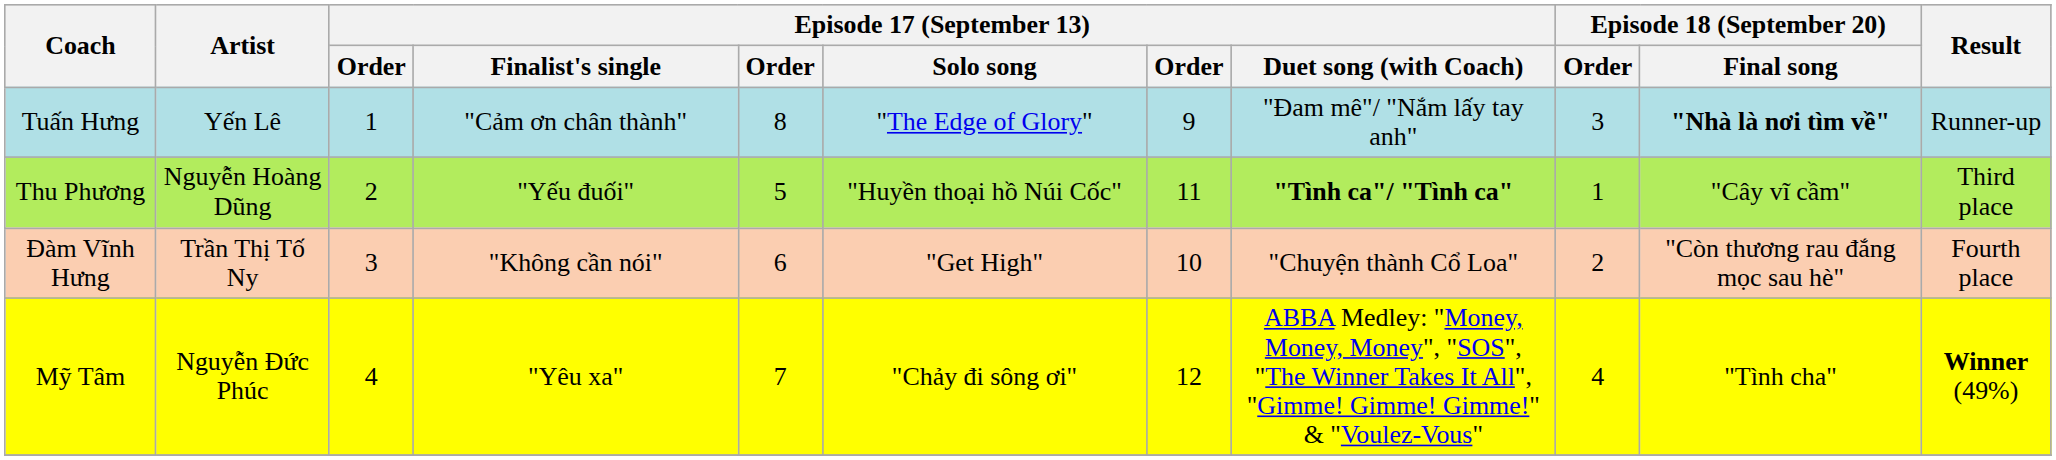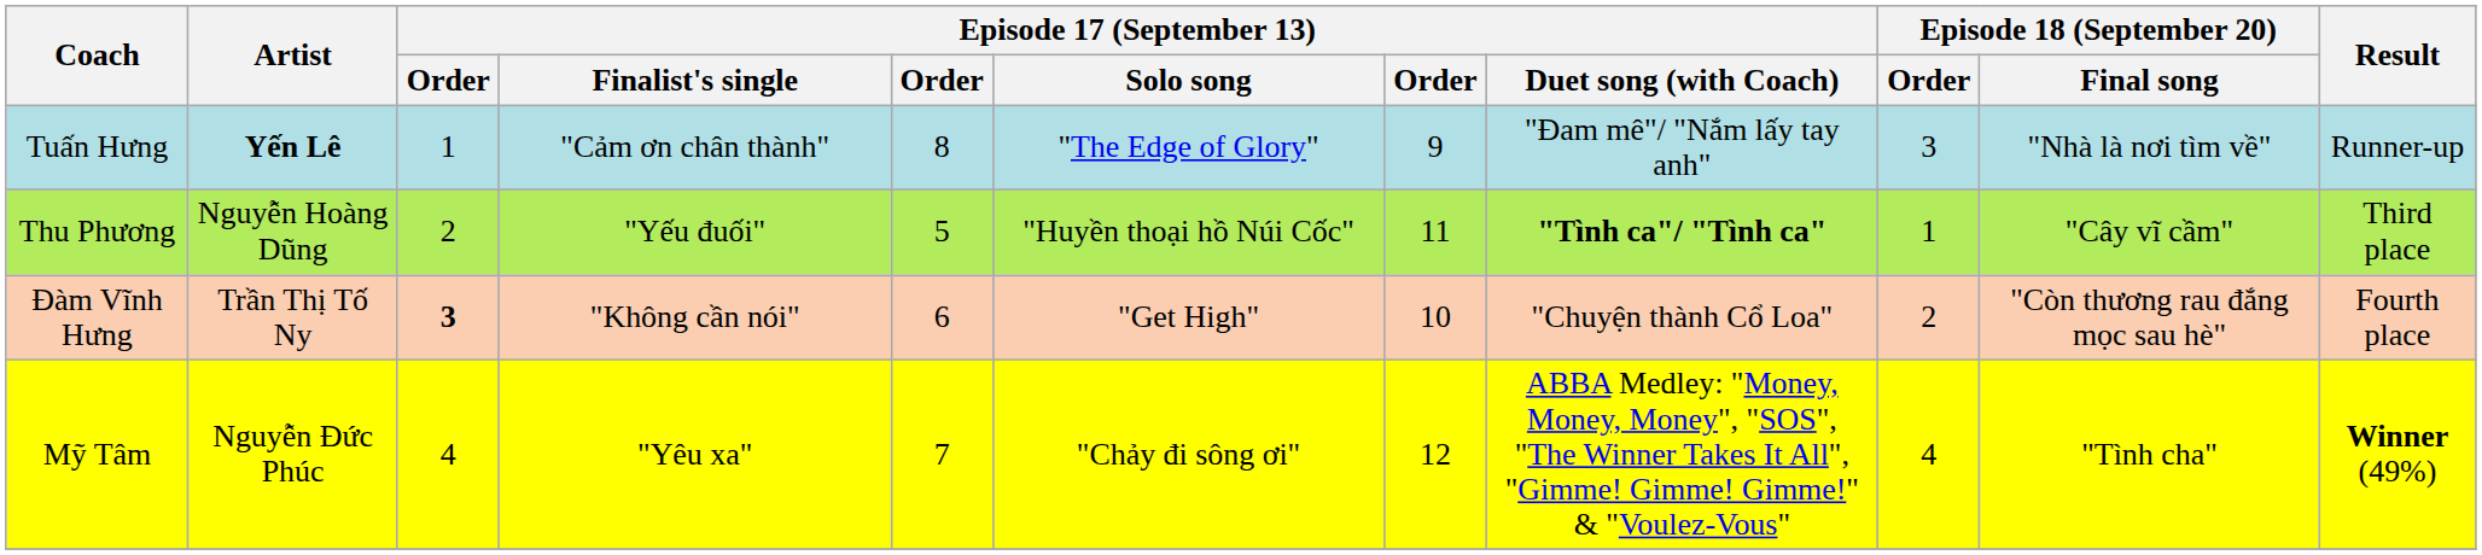 <table class="wikitable" style="text-align:center; width:100%;">
 <tr>
 <th width="7%" rowspan="2">Coach</th>
 <th width="8%" rowspan="2">Artist</th>
 <th colspan="6">Episode 17 (September 13)</th>
 <th colspan="2">Episode 18 (September 20)</th>
 <th width="6%" rowspan="2">Result</th>
 </tr>
 <tr>
 <th scope="col" width="3%">Order</th>
 <th scope="col" width="15%">Finalist's single</th>
 <th scope="col" width="3%">Order</th>
 <th scope="col" width="15%">Solo song</th>
 <th scope="col" width="3%">Order</th>
 <th scope="col" width="15%">Duet song (with Coach)</th>
 <th scope="col" width="3%">Order</th>
 <th scope="col" width="13%">Final song</th>
 </tr>
 <tr>
 <td style="background:#B0E0E6;">Tuấn Hưng</td>
-<td style="background:#B0E0E6;">Yến Lê</td>
+<td style="background:#B0E0E6;"><strong>Yến Lê</strong></td>
 <td style="background:#B0E0E6;">1</td>
 <td style="background:#B0E0E6;">"Cảm ơn chân thành"</td>
 <td style="background:#B0E0E6;">8</td>
 <td style="background:#B0E0E6;">"<a href='#'>The Edge of Glory</a>"</td>
 <td style="background:#B0E0E6;">9</td>
 <td style="background:#B0E0E6;">"Đam mê"/ "Nắm lấy tay anh"</td>
 <td style="background:#B0E0E6;">3</td>
-<td style="background:#B0E0E6;"><strong>"Nhà là nơi tìm về"</strong></td>
+<td style="background:#B0E0E6;">"Nhà là nơi tìm về"</td>
 <td style="background:#B0E0E6;">Runner-up</td>
 </tr>
 <tr>
 <td style="background:#B2EC5D;">Thu Phương</td>
 <td style="background:#B2EC5D;">Nguyễn Hoàng Dũng</td>
 <td style="background:#B2EC5D;">2</td>
 <td style="background:#B2EC5D;">"Yếu đuối"</td>
 <td style="background:#B2EC5D;">5</td>
 <td style="background:#B2EC5D;">"Huyền thoại hồ Núi Cốc"</td>
 <td style="background:#B2EC5D;">11</td>
 <td style="background:#B2EC5D;"><strong>"Tình ca"/ "Tình ca"</strong></td>
 <td style="background:#B2EC5D;">1</td>
 <td style="background:#B2EC5D;">"Cây vĩ cầm"</td>
 <td style="background:#B2EC5D;">Third place</td>
 </tr>
 <tr>
 <td style="background:#FBCEB1;">Đàm Vĩnh Hưng</td>
 <td style="background:#FBCEB1;">Trần Thị Tố Ny</td>
-<td style="background:#FBCEB1;">3</td>
+<td style="background:#FBCEB1;"><strong>3</strong></td>
 <td style="background:#FBCEB1;">"Không cần nói"</td>
 <td style="background:#FBCEB1;">6</td>
 <td style="background:#FBCEB1;">"Get High"</td>
 <td style="background:#FBCEB1;">10</td>
 <td style="background:#FBCEB1;">"Chuyện thành Cổ Loa"</td>
 <td style="background:#FBCEB1;">2</td>
 <td style="background:#FBCEB1;">"Còn thương rau đắng mọc sau hè"</td>
 <td style="background:#FBCEB1;">Fourth place</td>
 </tr>
 <tr>
 <td style="background:yellow;">Mỹ Tâm</td>
 <td style="background:yellow;">Nguyễn Đức Phúc</td>
 <td style="background:yellow;">4</td>
 <td style="background:yellow;">"Yêu xa"</td>
 <td style="background:yellow;">7</td>
 <td style="background:yellow;">"Chảy đi sông ơi"</td>
 <td style="background:yellow;">12</td>
 <td style="background:yellow;"><a href='#'>ABBA</a> Medley: "<a href='#'>Money, Money, Money</a>", "<a href='#'>SOS</a>", "<a href='#'>The Winner Takes It All</a>", "<a href='#'>Gimme! Gimme! Gimme!</a>" & "<a href='#'>Voulez-Vous</a>"</td>
 <td style="background:yellow;">4</td>
 <td style="background:yellow;">"Tình cha"</td>
 <td style="background:yellow;"><strong>Winner</strong> (49%)</td>
 </tr>
 <tr>
 </tr>
 </table>
